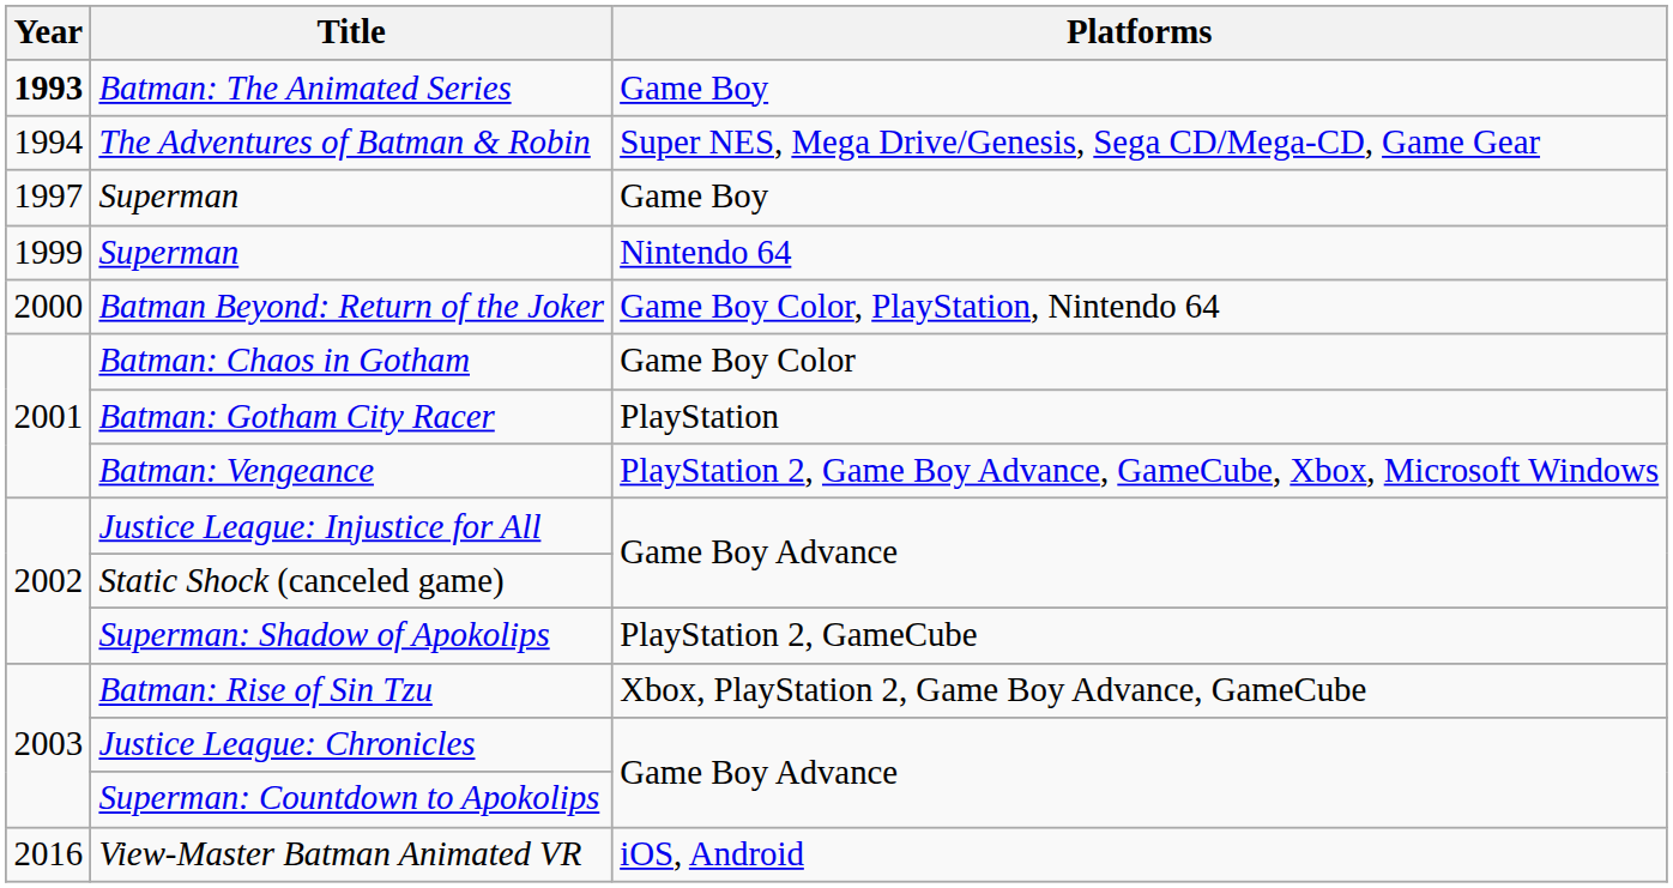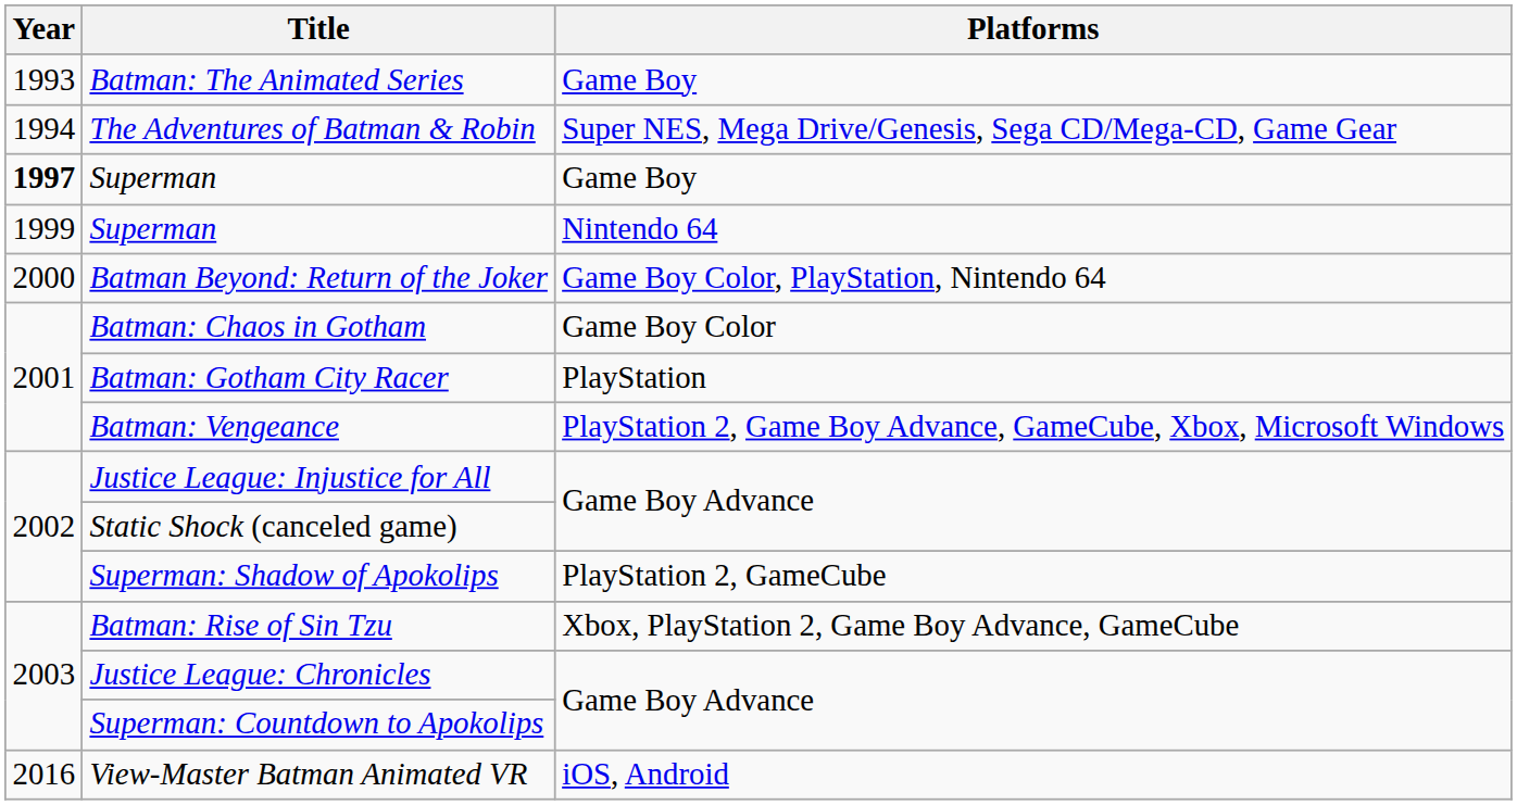 <table class="wikitable">
 <tr>
 <th scope="col">Year</th>
 <th scope="col">Title</th>
 <th scope="col">Platforms</th>
 </tr>
 <tr>
-<td><strong>1993</strong></td>
+<td>1993</td>
 <td><em><a href='#'>Batman: The Animated Series</a></em></td>
 <td><a href='#'>Game Boy</a></td>
 </tr>
 <tr>
 <td>1994</td>
 <td><em><a href='#'>The Adventures of Batman & Robin</a></em></td>
 <td><a href='#'>Super NES</a>, <a href='#'>Mega Drive/Genesis</a>, <a href='#'>Sega CD/Mega-CD</a>, <a href='#'>Game Gear</a></td>
 </tr>
 <tr>
-<td>1997</td>
+<td><strong>1997</strong></td>
 <td><em>Superman</em></td>
 <td>Game Boy</td>
 </tr>
 <tr>
 <td>1999</td>
 <td><em><a href='#'>Superman</a></em></td>
 <td><a href='#'>Nintendo 64</a></td>
 </tr>
 <tr>
 <td>2000</td>
 <td><em><a href='#'>Batman Beyond: Return of the Joker</a></em></td>
 <td><a href='#'>Game Boy Color</a>, <a href='#'>PlayStation</a>, Nintendo 64</td>
 </tr>
 <tr>
 <td rowspan="3">2001</td>
 <td><em><a href='#'>Batman: Chaos in Gotham</a></em></td>
 <td>Game Boy Color</td>
 </tr>
 <tr>
 <td><em><a href='#'>Batman: Gotham City Racer</a></em></td>
 <td>PlayStation</td>
 </tr>
 <tr>
 <td><em><a href='#'>Batman: Vengeance</a></em></td>
 <td><a href='#'>PlayStation 2</a>, <a href='#'>Game Boy Advance</a>, <a href='#'>GameCube</a>, <a href='#'>Xbox</a>, <a href='#'>Microsoft Windows</a></td>
 </tr>
 <tr>
 <td rowspan="3">2002</td>
 <td><em><a href='#'>Justice League: Injustice for All</a></em></td>
 <td rowspan="2">Game Boy Advance</td>
 </tr>
 <tr>
 <td><em>Static Shock</em> (canceled game)</td>
 </tr>
 <tr>
 <td><em><a href='#'>Superman: Shadow of Apokolips</a></em></td>
 <td>PlayStation 2, GameCube</td>
 </tr>
 <tr>
 <td rowspan="3">2003</td>
 <td><em><a href='#'>Batman: Rise of Sin Tzu</a></em></td>
 <td>Xbox, PlayStation 2, Game Boy Advance, GameCube</td>
 </tr>
 <tr>
 <td><em><a href='#'>Justice League: Chronicles</a></em></td>
 <td rowspan="2">Game Boy Advance</td>
 </tr>
 <tr>
 <td><em><a href='#'>Superman: Countdown to Apokolips</a></em></td>
 </tr>
 <tr>
 <td>2016</td>
 <td><em>View-Master Batman Animated VR</em></td>
 <td><a href='#'>iOS</a>, <a href='#'>Android</a></td>
 </tr>
 </table>
